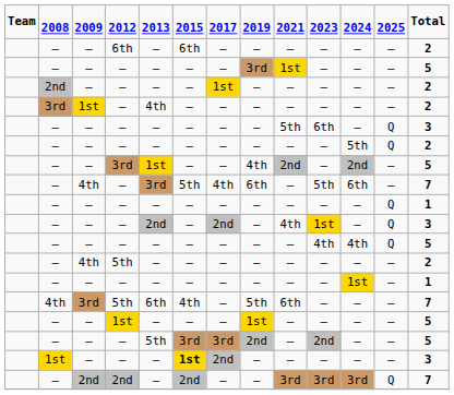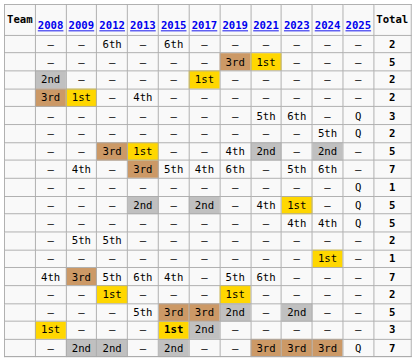 <table class="wikitable" style="text-align:center; font-size:90%">
 <tr bgcolor=>
 <td><strong>Team</strong></td>
 <td><strong><br><a href='#'>2008</a></strong></td>
 <td><strong><br><a href='#'>2009</a></strong></td>
 <td><strong><br><a href='#'>2012</a></strong></td>
 <td><strong><br><a href='#'>2013</a></strong></td>
 <td><strong><br><a href='#'>2015</a></strong></td>
 <td><strong><br><a href='#'>2017</a></strong></td>
 <td><strong><br><a href='#'>2019</a></strong></td>
 <td><strong><br><a href='#'>2021</a></strong></td>
 <td><strong><br><a href='#'>2023</a></strong></td>
 <td><strong><br><a href='#'>2024</a></strong></td>
 <td><strong><br><a href='#'>2025</a></strong></td>
 <td><strong>Total</strong></td>
 </tr>
 <tr>
 <td align=left></td>
 <td>–</td>
 <td>–</td>
 <td>6th</td>
 <td>–</td>
 <td>6th</td>
 <td>–</td>
 <td>–</td>
 <td>–</td>
 <td>–</td>
 <td>–</td>
 <td>–</td>
 <td><strong>2</strong></td>
 </tr>
 <tr>
 <td align=left></td>
 <td>–</td>
 <td>–</td>
 <td>–</td>
 <td>–</td>
 <td>–</td>
 <td>–</td>
 <td bgcolor=#cc9966>3rd</td>
 <td bgcolor=gold>1st</td>
 <td>–</td>
 <td>–</td>
 <td>–</td>
 <td><strong>5</strong></td>
 </tr>
 <tr>
 <td align=left></td>
 <td bgcolor=silver>2nd</td>
 <td>–</td>
 <td>–</td>
 <td>–</td>
 <td>–</td>
 <td bgcolor=gold>1st</td>
 <td>–</td>
 <td>–</td>
 <td>–</td>
 <td>–</td>
 <td>–</td>
 <td><strong>2</strong></td>
 </tr>
 <tr>
 <td align=left></td>
 <td bgcolor=#cc9966>3rd</td>
 <td bgcolor=gold>1st</td>
 <td>–</td>
 <td>4th</td>
 <td>–</td>
 <td>–</td>
 <td>–</td>
 <td>–</td>
 <td>–</td>
 <td>–</td>
 <td>–</td>
 <td><strong>2</strong></td>
 </tr>
 <tr>
 <td align=left></td>
 <td>–</td>
 <td>–</td>
 <td>–</td>
 <td>–</td>
 <td>–</td>
 <td>–</td>
 <td>–</td>
 <td>5th</td>
 <td>6th</td>
 <td>–</td>
 <td>Q</td>
 <td><strong>3</strong></td>
 </tr>
 <tr>
 <td align=left></td>
 <td>–</td>
 <td>–</td>
 <td>–</td>
 <td>–</td>
 <td>–</td>
 <td>–</td>
 <td>–</td>
 <td>–</td>
 <td>–</td>
 <td>5th</td>
 <td>Q</td>
 <td><strong>2</strong></td>
 </tr>
 <tr>
 <td align=left></td>
 <td>–</td>
 <td>–</td>
 <td bgcolor=#cc9966>3rd</td>
 <td bgcolor=gold>1st</td>
 <td>–</td>
 <td>–</td>
 <td>4th</td>
 <td bgcolor=silver>2nd</td>
 <td>–</td>
 <td bgcolor=silver>2nd</td>
 <td>–</td>
 <td><strong>5</strong></td>
 </tr>
 <tr>
 <td align=left></td>
 <td>–</td>
 <td>4th</td>
 <td>–</td>
 <td bgcolor=#cc9966>3rd</td>
 <td>5th</td>
 <td>4th</td>
 <td>6th</td>
 <td>–</td>
 <td>5th</td>
 <td>6th</td>
 <td>–</td>
 <td><strong>7</strong></td>
 </tr>
 <tr>
 <td align=left></td>
 <td>–</td>
 <td>–</td>
 <td>–</td>
 <td>–</td>
 <td>–</td>
 <td>–</td>
 <td>–</td>
 <td>–</td>
 <td>–</td>
 <td>–</td>
 <td>Q</td>
 <td><strong>1</strong></td>
 </tr>
 <tr>
 <td align=left></td>
 <td>–</td>
 <td>–</td>
 <td>–</td>
 <td bgcolor=silver>2nd</td>
 <td>–</td>
 <td bgcolor=silver>2nd</td>
 <td>–</td>
 <td>4th</td>
 <td bgcolor=gold>1st</td>
 <td>–</td>
 <td>Q</td>
-<td><strong>3</strong></td>
+<td><strong>5</strong></td>
 </tr>
 <tr>
 <td align=left></td>
 <td>–</td>
 <td>–</td>
 <td>–</td>
 <td>–</td>
 <td>–</td>
 <td>–</td>
 <td>–</td>
 <td>–</td>
 <td>4th</td>
 <td>4th</td>
 <td>Q</td>
 <td><strong>5</strong></td>
 </tr>
 <tr>
 <td align=left></td>
 <td>–</td>
-<td>4th</td>
+<td>5th</td>
 <td>5th</td>
 <td>–</td>
 <td>–</td>
 <td>–</td>
 <td>–</td>
 <td>–</td>
 <td>–</td>
 <td>–</td>
 <td>–</td>
 <td><strong>2</strong></td>
 </tr>
 <tr>
 <td align=left></td>
 <td>–</td>
 <td>–</td>
 <td>–</td>
 <td>–</td>
 <td>–</td>
 <td>–</td>
 <td>–</td>
 <td>–</td>
 <td>–</td>
 <td bgcolor=gold>1st</td>
 <td>–</td>
 <td><strong>1</strong></td>
 </tr>
 <tr>
 <td align=left></td>
 <td>4th</td>
 <td bgcolor=#cc9966>3rd</td>
 <td>5th</td>
 <td>6th</td>
 <td>4th</td>
 <td>–</td>
 <td>5th</td>
 <td>6th</td>
 <td>–</td>
 <td>–</td>
 <td>–</td>
 <td><strong>7</strong></td>
 </tr>
 <tr>
 <td align=left></td>
 <td>–</td>
 <td>–</td>
 <td bgcolor=gold>1st</td>
 <td>–</td>
 <td>–</td>
 <td>–</td>
 <td bgcolor=gold>1st</td>
 <td>–</td>
 <td>–</td>
 <td>–</td>
 <td>–</td>
-<td><strong>5</strong></td>
+<td><strong>2</strong></td>
 </tr>
 <tr>
 <td align=left></td>
 <td>–</td>
 <td>–</td>
 <td>–</td>
 <td>5th</td>
 <td bgcolor=#cc9966>3rd</td>
 <td bgcolor=#cc9966>3rd</td>
 <td bgcolor=silver>2nd</td>
 <td>–</td>
 <td bgcolor=silver>2nd</td>
 <td>–</td>
 <td>–</td>
 <td><strong>5</strong></td>
 </tr>
 <tr>
 <td align=left></td>
 <td bgcolor=gold>1st</td>
 <td>–</td>
 <td>–</td>
 <td>–</td>
 <td bgcolor=gold><strong>1st</strong></td>
 <td bgcolor=silver>2nd</td>
 <td>–</td>
 <td>–</td>
 <td>–</td>
 <td>–</td>
 <td>–</td>
 <td><strong>3</strong></td>
 </tr>
 <tr>
 <td align=left></td>
 <td>–</td>
 <td bgcolor=silver>2nd</td>
 <td bgcolor=silver>2nd</td>
 <td>–</td>
 <td bgcolor=silver>2nd</td>
 <td>–</td>
 <td>–</td>
 <td bgcolor=#cc9966>3rd</td>
 <td bgcolor=#cc9966>3rd</td>
 <td bgcolor=#cc9966>3rd</td>
 <td>Q</td>
 <td><strong>7</strong></td>
 </tr>
 <tr>
 </tr>
 </table>
